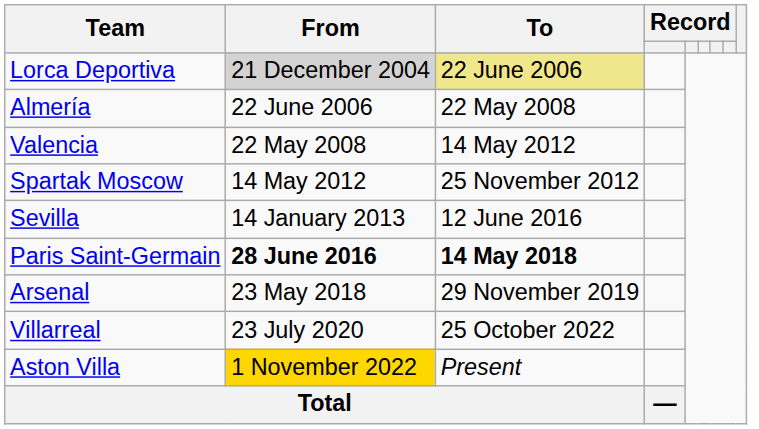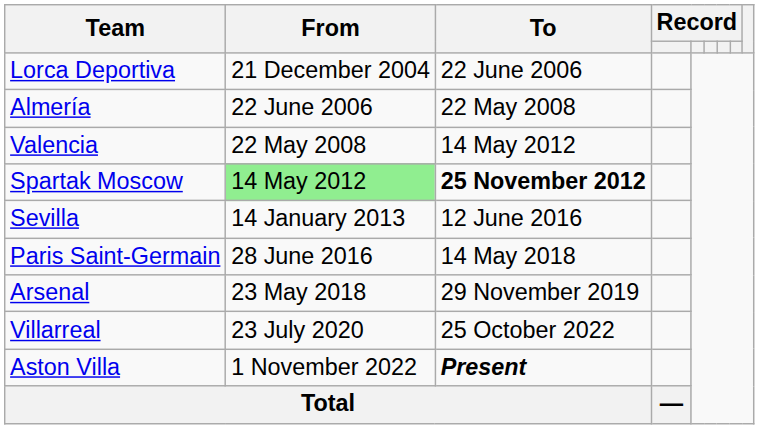 <table class=wikitable style="text-align: center;">
 <tr>
 <th rowspan=2>Team</th>
 <th rowspan=2>From</th>
 <th rowspan=2>To</th>
 <th colspan=5>Record</th>
 <th rowspan=2></th>
 </tr>
 <tr>
 <th></th>
 <th></th>
 <th></th>
 <th></th>
 <th></th>
 </tr>
 <tr>
 <td align=left><a href='#'>Lorca Deportiva</a></td>
-<td align=left style="background: lightgrey;">21 December 2004</td>
-<td align=left style="background: khaki;">22 June 2006<br></td>
+<td align=left>21 December 2004</td>
+<td align=left>22 June 2006<br></td>
 <td></td>
 </tr>
 <tr>
 <td align="left"><a href='#'>Almería</a></td>
 <td align=left>22 June 2006</td>
 <td align=left>22 May 2008<br></td>
 <td></td>
 </tr>
 <tr>
 <td align=left><a href='#'>Valencia</a></td>
 <td align=left>22 May 2008</td>
 <td align=left>14 May 2012<br></td>
 <td></td>
 </tr>
 <tr>
 <td align=left><a href='#'>Spartak Moscow</a></td>
-<td align=left>14 May 2012</td>
-<td align=left>25 November 2012<br></td>
+<td align=left style="background: lightgreen;">14 May 2012</td>
+<td align=left><strong>25 November 2012<br></strong></td>
 <td></td>
 </tr>
 <tr>
 <td align=left><a href='#'>Sevilla</a></td>
 <td align=left>14 January 2013</td>
 <td align=left>12 June 2016<br></td>
 <td></td>
 </tr>
 <tr>
 <td align=left><a href='#'>Paris Saint-Germain</a></td>
-<td align=left><strong>28 June 2016</strong></td>
-<td align=left><strong>14 May 2018<br></strong></td>
+<td align=left>28 June 2016</td>
+<td align=left>14 May 2018<br></td>
 <td></td>
 </tr>
 <tr>
 <td align=left><a href='#'>Arsenal</a></td>
 <td align=left>23 May 2018</td>
 <td align=left>29 November 2019<br></td>
 <td></td>
 </tr>
 <tr>
 <td align=left><a href='#'>Villarreal</a></td>
 <td align=left>23 July 2020</td>
 <td align=left>25 October 2022<br></td>
 <td></td>
 </tr>
 <tr>
 <td align=left><a href='#'>Aston Villa</a></td>
-<td align=left style="background: gold;">1 November 2022</td>
-<td align=left><em>Present</em><br></td>
+<td align=left>1 November 2022</td>
+<td align=left><strong><em>Present</em><br></strong></td>
 <td></td>
 </tr>
 <tr>
 <th colspan=3>Total<br></th>
 <th>—</th>
 </tr>
 </table>
